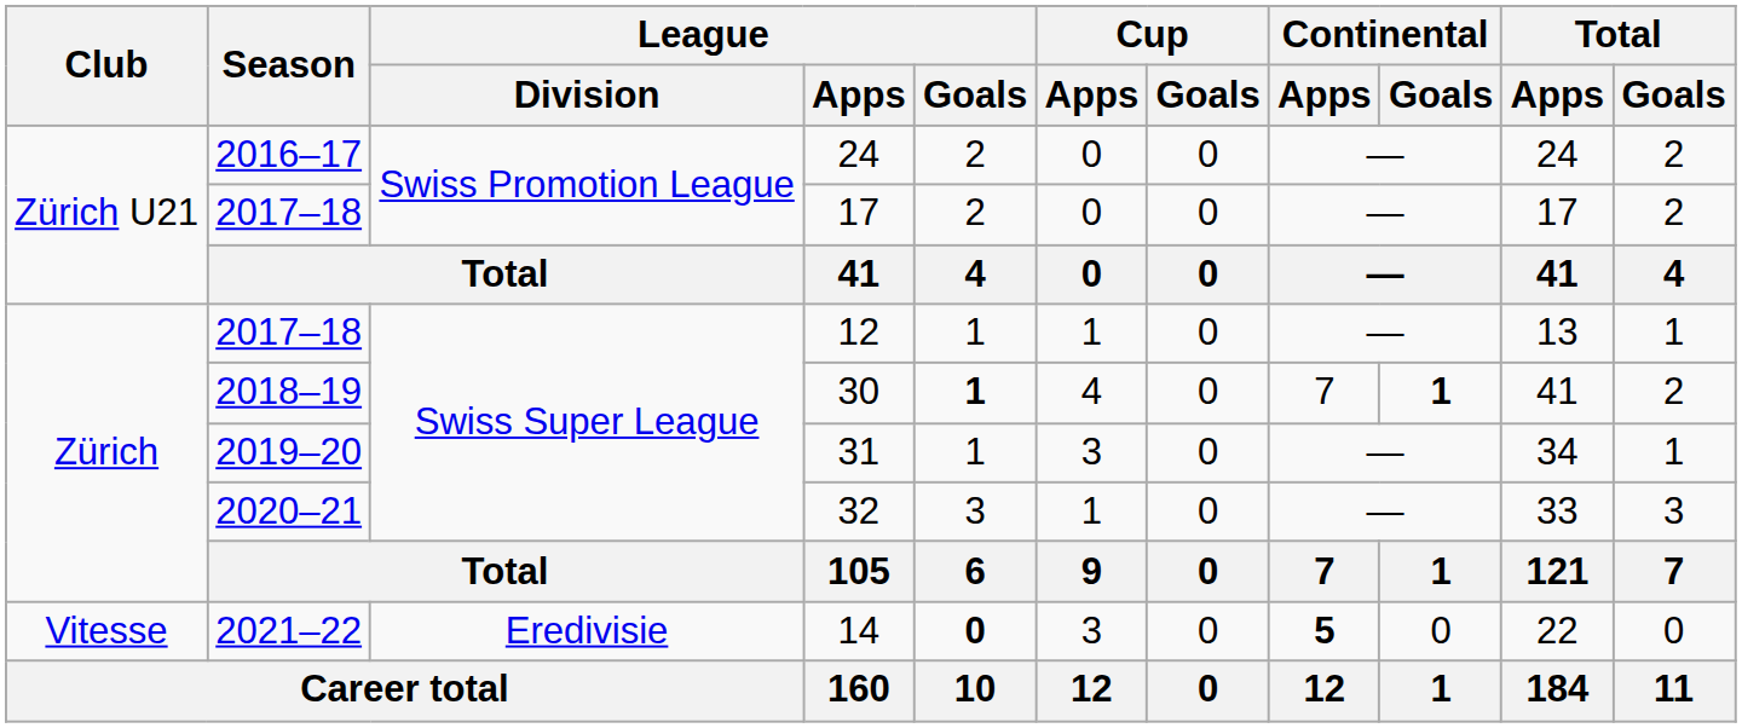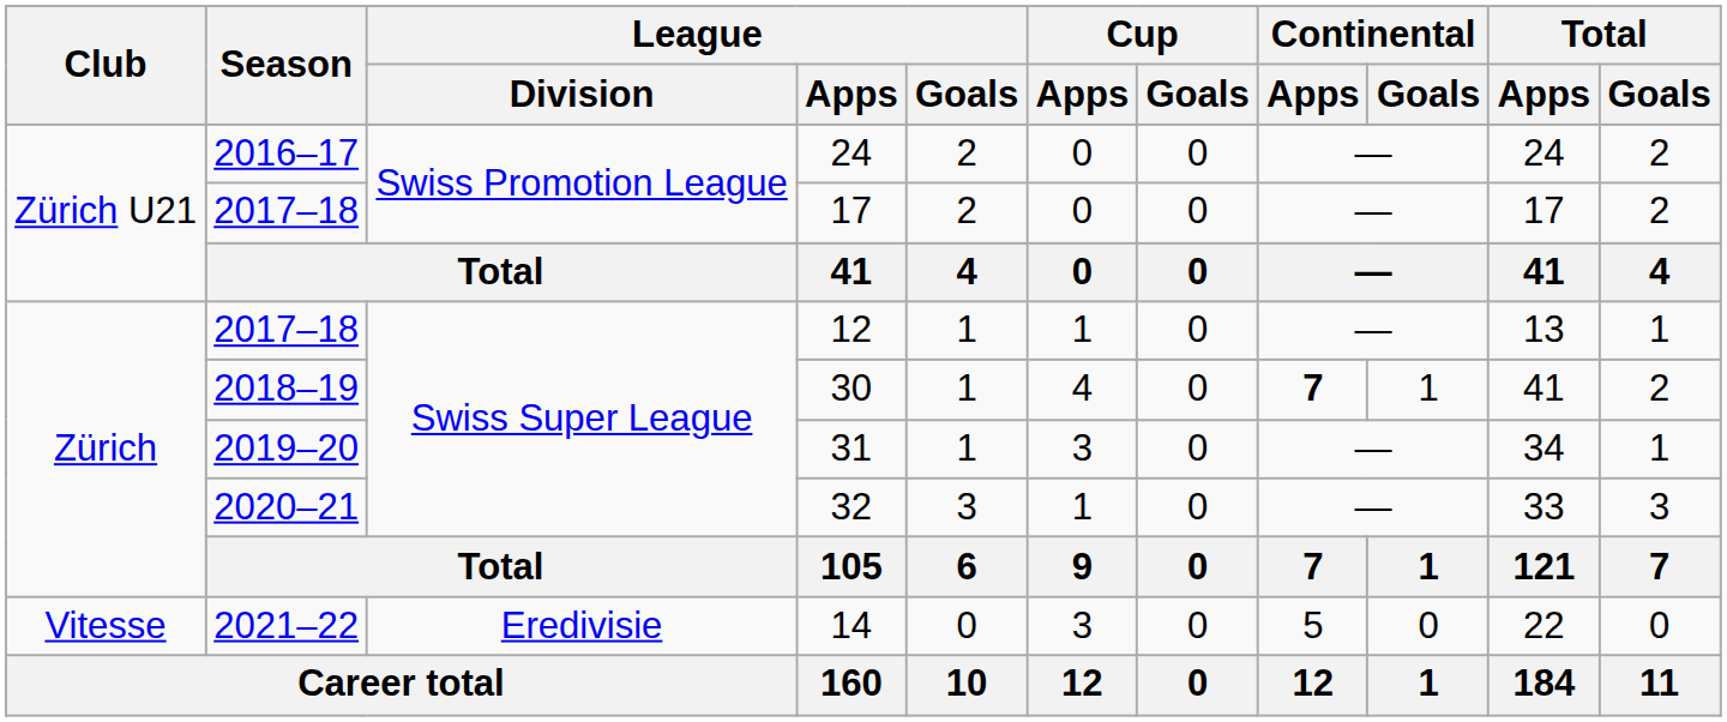 <table class="wikitable" style="text-align:center">
 <tr>
 <th rowspan="2">Club</th>
 <th rowspan="2">Season</th>
 <th colspan="3">League</th>
 <th colspan="2">Cup</th>
 <th colspan="2">Continental</th>
 <th colspan="2">Total</th>
 </tr>
 <tr>
 <th>Division</th>
 <th>Apps</th>
 <th>Goals</th>
 <th>Apps</th>
 <th>Goals</th>
 <th>Apps</th>
 <th>Goals</th>
 <th>Apps</th>
 <th>Goals</th>
 </tr>
 <tr>
 <td rowspan="3"><a href='#'>Zürich</a> U21</td>
 <td><a href='#'>2016–17</a></td>
 <td rowspan="2"><a href='#'>Swiss Promotion League</a></td>
 <td>24</td>
 <td>2</td>
 <td>0</td>
 <td>0</td>
 <td colspan="2">—</td>
 <td>24</td>
 <td>2</td>
 </tr>
 <tr>
 <td><a href='#'>2017–18</a></td>
 <td>17</td>
 <td>2</td>
 <td>0</td>
 <td>0</td>
 <td colspan="2">—</td>
 <td>17</td>
 <td>2</td>
 </tr>
 <tr>
 <th colspan="2">Total</th>
 <th>41</th>
 <th>4</th>
 <th>0</th>
 <th>0</th>
 <th colspan="2">—</th>
 <th>41</th>
 <th>4</th>
 </tr>
 <tr>
 <td rowspan="5"><a href='#'>Zürich</a></td>
 <td><a href='#'>2017–18</a></td>
 <td rowspan="4"><a href='#'>Swiss Super League</a></td>
 <td>12</td>
 <td>1</td>
 <td>1</td>
 <td>0</td>
 <td colspan="2">—</td>
 <td>13</td>
 <td>1</td>
 </tr>
 <tr>
 <td><a href='#'>2018–19</a></td>
 <td>30</td>
-<td><strong>1</strong></td>
+<td>1</td>
 <td>4</td>
 <td>0</td>
-<td>7</td>
-<td><strong>1</strong></td>
+<td><strong>7</strong></td>
+<td>1</td>
 <td>41</td>
 <td>2</td>
 </tr>
 <tr>
 <td><a href='#'>2019–20</a></td>
 <td>31</td>
 <td>1</td>
 <td>3</td>
 <td>0</td>
 <td colspan="2">—</td>
 <td>34</td>
 <td>1</td>
 </tr>
 <tr>
 <td><a href='#'>2020–21</a></td>
 <td>32</td>
 <td>3</td>
 <td>1</td>
 <td>0</td>
 <td colspan="2">—</td>
 <td>33</td>
 <td>3</td>
 </tr>
 <tr>
 <th colspan="2">Total</th>
 <th>105</th>
 <th>6</th>
 <th>9</th>
 <th>0</th>
 <th>7</th>
 <th>1</th>
 <th>121</th>
 <th>7</th>
 </tr>
 <tr>
 <td><a href='#'>Vitesse</a></td>
 <td><a href='#'>2021–22</a></td>
 <td><a href='#'>Eredivisie</a></td>
 <td>14</td>
-<td><strong>0</strong></td>
+<td>0</td>
 <td>3</td>
 <td>0</td>
-<td><strong>5</strong></td>
+<td>5</td>
 <td>0</td>
 <td>22</td>
 <td>0</td>
 </tr>
 <tr>
 <th colspan="3">Career total</th>
 <th>160</th>
 <th>10</th>
 <th>12</th>
 <th>0</th>
 <th>12</th>
 <th>1</th>
 <th>184</th>
 <th>11</th>
 </tr>
 </table>
